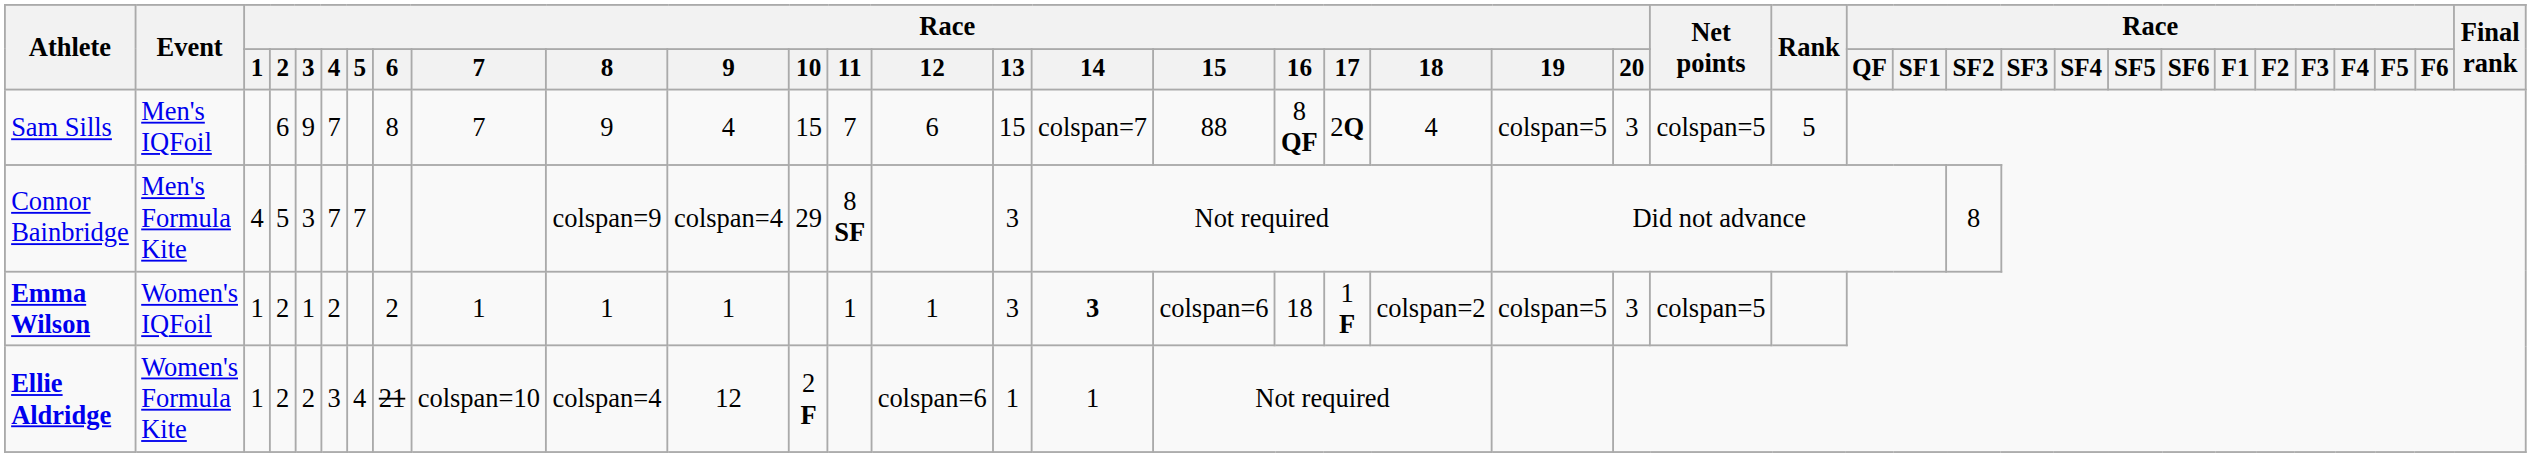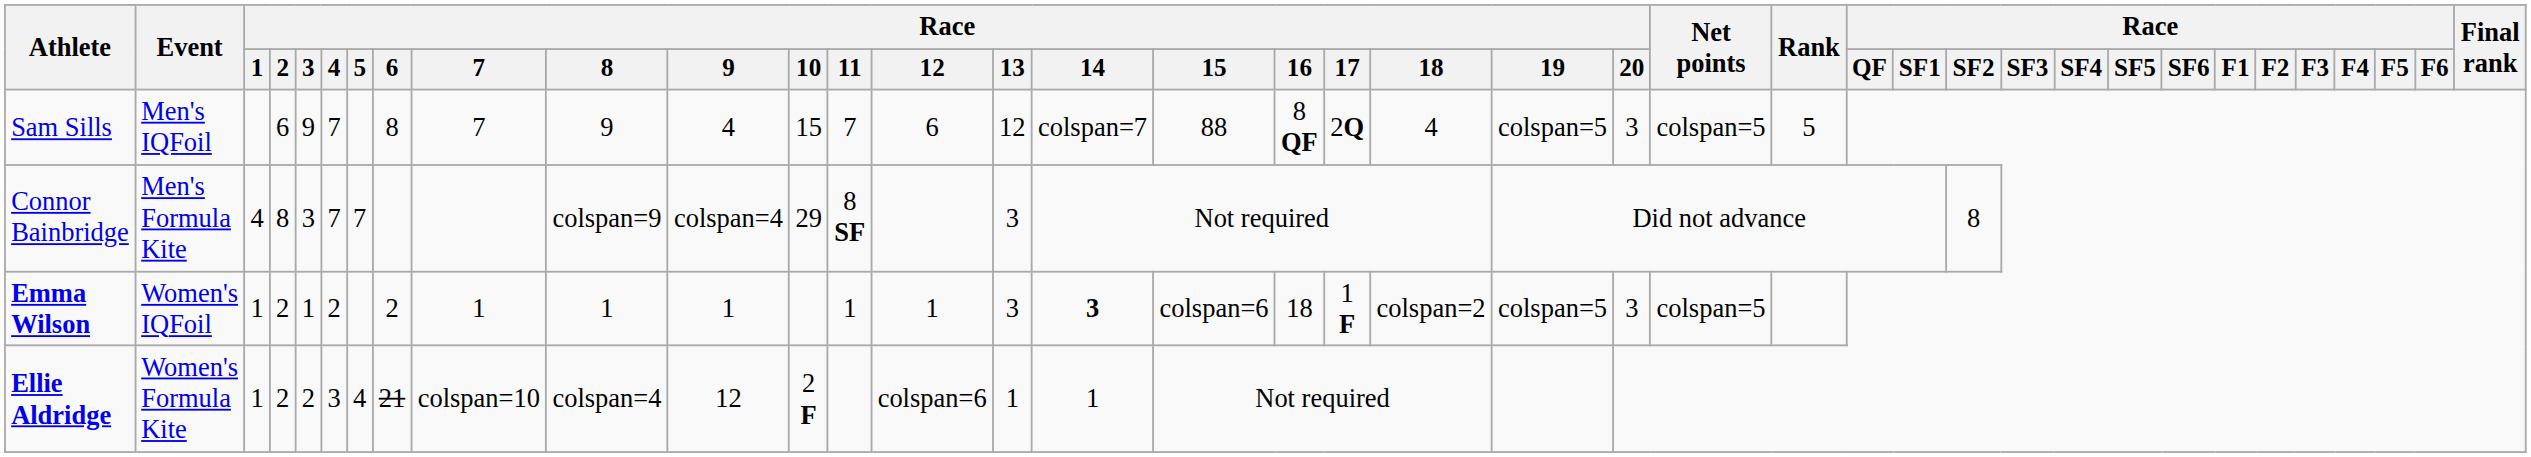 <table class="wikitable" style="font-size:90%">
 <tr>
 <th rowspan="2">Athlete</th>
 <th rowspan="2">Event</th>
 <th colspan=20>Race</th>
 <th rowspan=2>Net points</th>
 <th rowspan=2>Rank</th>
 <th colspan=13>Race</th>
 <th rowspan=2>Final rank</th>
 </tr>
 <tr style="font-size:95%">
 <th>1</th>
 <th>2</th>
 <th>3</th>
 <th>4</th>
 <th>5</th>
 <th>6</th>
 <th>7</th>
 <th>8</th>
 <th>9</th>
 <th>10</th>
 <th>11</th>
 <th>12</th>
 <th>13</th>
 <th>14</th>
 <th>15</th>
 <th>16</th>
 <th>17</th>
 <th>18</th>
 <th>19</th>
 <th>20</th>
 <th>QF</th>
 <th>SF1</th>
 <th>SF2</th>
 <th>SF3</th>
 <th>SF4</th>
 <th>SF5</th>
 <th>SF6</th>
 <th>F1</th>
 <th>F2</th>
 <th>F3</th>
 <th>F4</th>
 <th>F5</th>
 <th>F6</th>
 </tr>
 <tr align=center>
 <td align=left><a href='#'>Sam Sills</a></td>
 <td align=left><a href='#'>Men's IQFoil</a></td>
 <td></td>
 <td>6</td>
 <td>9</td>
 <td>7</td>
 <td></td>
 <td>8</td>
 <td>7</td>
 <td>9</td>
 <td>4</td>
 <td>15</td>
 <td>7</td>
 <td>6</td>
-<td>15</td>
+<td>12</td>
 <td>colspan=7 </td>
 <td>88</td>
 <td>8 <strong>QF</strong></td>
 <td>2<strong>Q</strong></td>
 <td>4</td>
 <td>colspan=5 </td>
 <td>3</td>
 <td>colspan=5 </td>
 <td>5</td>
 </tr>
 <tr align=center>
 <td align=left><a href='#'>Connor Bainbridge</a></td>
 <td align=left><a href='#'>Men's Formula Kite</a></td>
 <td>4</td>
-<td>5</td>
+<td>8</td>
 <td>3</td>
 <td>7</td>
 <td>7</td>
 <td></td>
 <td></td>
 <td>colspan=9 </td>
 <td>colspan=4 </td>
 <td>29</td>
 <td>8 <strong>SF</strong></td>
 <td></td>
 <td>3</td>
 <td colspan=5>Not required</td>
 <td colspan=6>Did not advance</td>
 <td>8</td>
 </tr>
 <tr align=center>
 <td align=left><strong><a href='#'>Emma Wilson</a></strong></td>
 <td align=left><a href='#'>Women's IQFoil</a></td>
 <td>1</td>
 <td>2</td>
 <td>1</td>
 <td>2</td>
 <td></td>
 <td>2</td>
 <td>1</td>
 <td>1</td>
 <td>1</td>
 <td></td>
 <td>1</td>
 <td>1</td>
 <td>3</td>
 <td><strong>3</strong></td>
 <td>colspan=6 </td>
 <td>18</td>
 <td>1 <strong>F</strong></td>
 <td>colspan=2 </td>
 <td>colspan=5 </td>
 <td>3</td>
 <td>colspan=5 </td>
 <td></td>
 </tr>
 <tr align=center>
 <td align=left><strong><a href='#'>Ellie Aldridge</a></strong></td>
 <td align=left><a href='#'>Women's Formula Kite</a></td>
 <td>1</td>
 <td>2</td>
 <td>2</td>
 <td>3</td>
 <td>4</td>
 <td><s>21</s></td>
 <td>colspan=10 </td>
 <td>colspan=4 </td>
 <td>12</td>
 <td>2 <strong>F</strong></td>
 <td></td>
 <td>colspan=6 </td>
 <td>1</td>
 <td>1</td>
 <td colspan=4>Not required</td>
 <td></td>
 </tr>
 </table>
